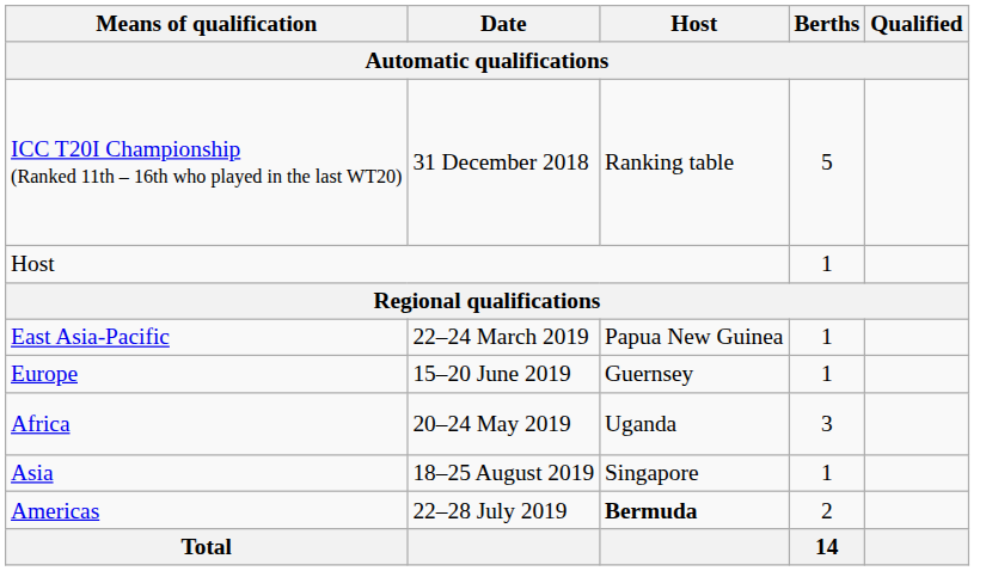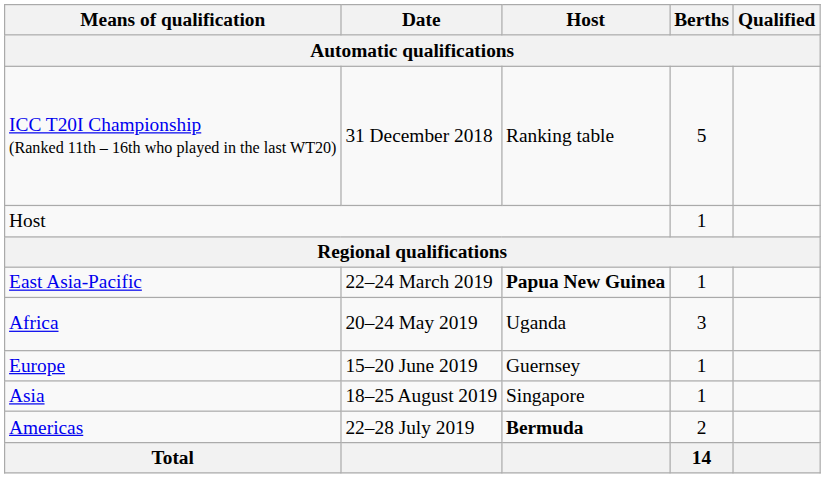 <table class="wikitable">
 <tr>
 <th>Means of qualification</th>
 <th>Date</th>
 <th>Host</th>
 <th>Berths</th>
 <th>Qualified</th>
 </tr>
 <tr>
 <th colspan="5">Automatic qualifications</th>
 </tr>
 <tr>
 <td><a href='#'>ICC T20I Championship</a><br><small>(Ranked 11th – 16th who played in the last WT20)</small></td>
 <td>31 December 2018</td>
 <td>Ranking table</td>
 <td style="text-align:center;">5</td>
 <td><br><br> <s></s><br> <br> <br> <br> </td>
 </tr>
 <tr>
 <td colspan=3>Host</td>
 <td style="text-align:center;">1</td>
 <td></td>
 </tr>
 <tr>
 <th colspan="5">Regional qualifications</th>
 </tr>
 <tr>
 <td><a href='#'>East Asia-Pacific</a></td>
 <td>22–24 March 2019</td>
-<td> Papua New Guinea</td>
-<td style="text-align:center;">1</td>
-<td></td>
-</tr>
-<tr>
-<td><a href='#'>Europe</a></td>
-<td>15–20 June 2019</td>
-<td> Guernsey</td>
+<td><strong> Papua New Guinea</strong></td>
 <td style="text-align:center;">1</td>
 <td></td>
 </tr>
 <tr>
 <td><a href='#'>Africa</a></td>
 <td>20–24 May 2019</td>
 <td> Uganda</td>
 <td style="text-align:center;">3</td>
 <td><br><br></td>
+</tr>
+<tr>
+<td><a href='#'>Europe</a></td>
+<td>15–20 June 2019</td>
+<td> Guernsey</td>
+<td style="text-align:center;">1</td>
+<td></td>
 </tr>
 <tr>
 <td><a href='#'>Asia</a></td>
 <td>18–25 August 2019</td>
 <td> Singapore</td>
 <td style="text-align:center;">1</td>
 <td></td>
 </tr>
 <tr>
 <td><a href='#'>Americas</a></td>
 <td>22–28 July 2019</td>
 <td><strong> Bermuda</strong></td>
 <td style="text-align:center;">2</td>
 <td><br></td>
 </tr>
 <tr>
 <th>Total</th>
 <th></th>
 <th></th>
 <th>14</th>
 <th></th>
 </tr>
 </table>
